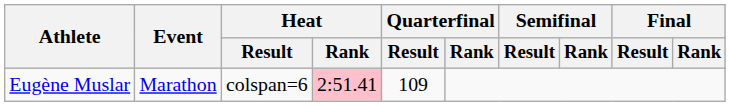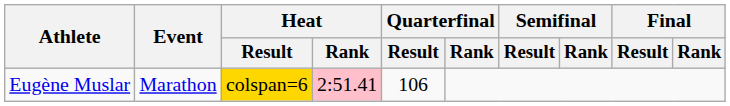 <table class=wikitable style="font-size:90%">
 <tr>
 <th rowspan="2">Athlete</th>
 <th rowspan="2">Event</th>
 <th colspan="2">Heat</th>
 <th colspan="2">Quarterfinal</th>
 <th colspan="2">Semifinal</th>
 <th colspan="2">Final</th>
 </tr>
 <tr style="font-size:95%">
 <th>Result</th>
 <th>Rank</th>
 <th>Result</th>
 <th>Rank</th>
 <th>Result</th>
 <th>Rank</th>
 <th>Result</th>
 <th>Rank</th>
 </tr>
 <tr align=center>
 <td align=left><a href='#'>Eugène Muslar</a></td>
 <td align=left><a href='#'>Marathon</a></td>
-<td>colspan=6 </td>
+<td style="background: gold;">colspan=6 </td>
 <td style="background: pink;">2:51.41</td>
-<td>109</td>
+<td>106</td>
 </tr>
 </table>
